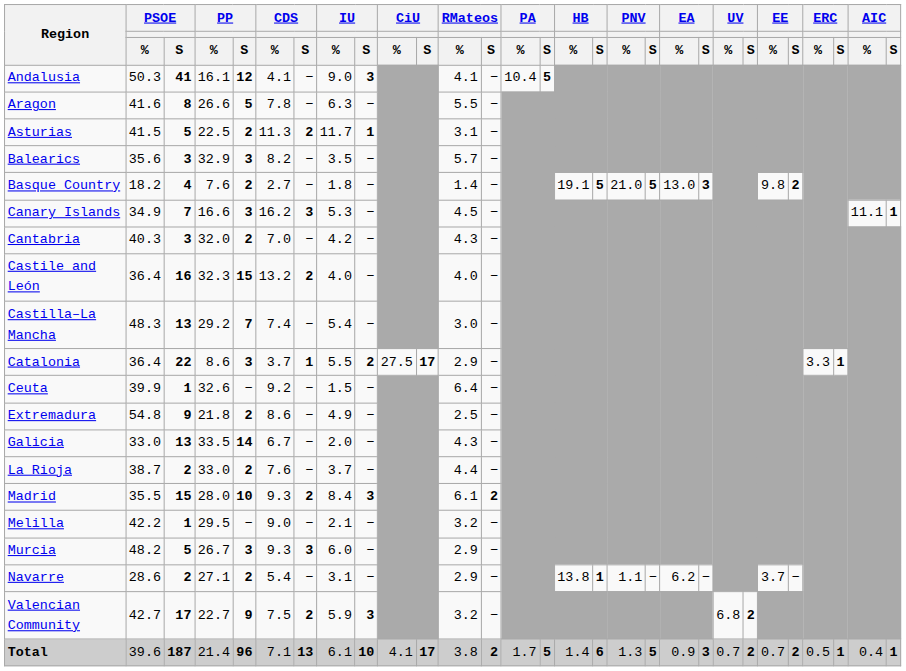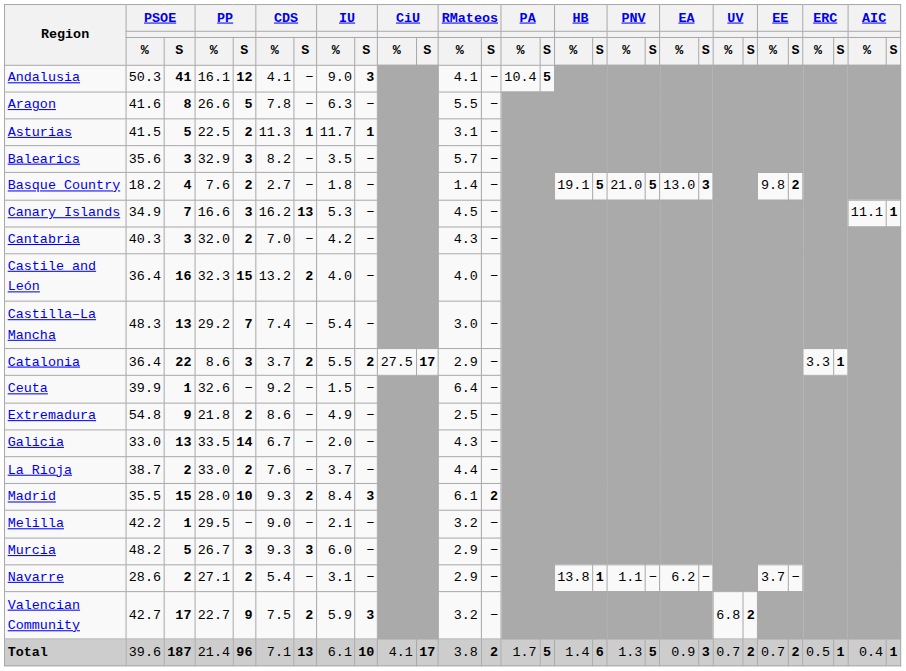 <table class="wikitable sortable" style="text-align:right; line-height:20px">
 <tr>
 <th rowspan="3">Region</th>
 <th colspan="2" width="30px" class="unsortable"><a href='#'>PSOE</a></th>
 <th colspan="2" width="30px" class="unsortable"><a href='#'>PP</a></th>
 <th colspan="2" width="30px" class="unsortable"><a href='#'>CDS</a></th>
 <th colspan="2" width="30px" class="unsortable"><a href='#'>IU</a></th>
 <th colspan="2" width="30px" class="unsortable"><a href='#'>CiU</a></th>
 <th colspan="2" width="30px" class="unsortable"><a href='#'>RMateos</a></th>
 <th colspan="2" width="30px" class="unsortable"><a href='#'>PA</a></th>
 <th colspan="2" width="30px" class="unsortable"><a href='#'>HB</a></th>
 <th colspan="2" width="30px" class="unsortable"><a href='#'>PNV</a></th>
 <th colspan="2" width="30px" class="unsortable"><a href='#'>EA</a></th>
 <th colspan="2" width="30px" class="unsortable"><a href='#'>UV</a></th>
 <th colspan="2" width="30px" class="unsortable"><a href='#'>EE</a></th>
 <th colspan="2" width="30px" class="unsortable"><a href='#'>ERC</a></th>
 <th colspan="2" width="30px" class="unsortable"><a href='#'>AIC</a></th>
 </tr>
 <tr>
 <th colspan="2" style="background:"></th>
 <th colspan="2" style="background:"></th>
 <th colspan="2" style="background:"></th>
 <th colspan="2" style="background:"></th>
 <th colspan="2" style="background:"></th>
 <th colspan="2" style="background:"></th>
 <th colspan="2" style="background:"></th>
 <th colspan="2" style="background:"></th>
 <th colspan="2" style="background:"></th>
 <th colspan="2" style="background:"></th>
 <th colspan="2" style="background:"></th>
 <th colspan="2" style="background:"></th>
 <th colspan="2" style="background:"></th>
 <th colspan="2" style="background:"></th>
 </tr>
 <tr>
 <th data-sort-type="number">%</th>
 <th data-sort-type="number">S</th>
 <th data-sort-type="number">%</th>
 <th data-sort-type="number">S</th>
 <th data-sort-type="number">%</th>
 <th data-sort-type="number">S</th>
 <th data-sort-type="number">%</th>
 <th data-sort-type="number">S</th>
 <th data-sort-type="number">%</th>
 <th data-sort-type="number">S</th>
 <th data-sort-type="number">%</th>
 <th data-sort-type="number">S</th>
 <th data-sort-type="number">%</th>
 <th data-sort-type="number">S</th>
 <th data-sort-type="number">%</th>
 <th data-sort-type="number">S</th>
 <th data-sort-type="number">%</th>
 <th data-sort-type="number">S</th>
 <th data-sort-type="number">%</th>
 <th data-sort-type="number">S</th>
 <th data-sort-type="number">%</th>
 <th data-sort-type="number">S</th>
 <th data-sort-type="number">%</th>
 <th data-sort-type="number">S</th>
 <th data-sort-type="number">%</th>
 <th data-sort-type="number">S</th>
 <th data-sort-type="number">%</th>
 <th data-sort-type="number">S</th>
 </tr>
 <tr>
 <td align="left"><a href='#'>Andalusia</a></td>
 <td style="background:">50.3</td>
 <td><strong>41</strong></td>
 <td>16.1</td>
 <td><strong>12</strong></td>
 <td>4.1</td>
 <td>−</td>
 <td>9.0</td>
 <td><strong>3</strong></td>
 <td colspan="2" rowspan="9" bgcolor="#AAAAAA"></td>
 <td>4.1</td>
 <td>−</td>
 <td>10.4</td>
 <td><strong>5</strong></td>
 <td colspan="2" rowspan="4" bgcolor="#AAAAAA"></td>
 <td colspan="2" rowspan="4" bgcolor="#AAAAAA"></td>
 <td colspan="2" rowspan="4" bgcolor="#AAAAAA"></td>
 <td colspan="2" rowspan="18" bgcolor="#AAAAAA"></td>
 <td colspan="2" rowspan="4" bgcolor="#AAAAAA"></td>
 <td colspan="2" rowspan="9" bgcolor="#AAAAAA"></td>
 <td colspan="2" rowspan="5" bgcolor="#AAAAAA"></td>
 </tr>
 <tr>
 <td align="left"><a href='#'>Aragon</a></td>
 <td style="background:">41.6</td>
 <td><strong>8</strong></td>
 <td>26.6</td>
 <td><strong>5</strong></td>
 <td>7.8</td>
 <td>−</td>
 <td>6.3</td>
 <td>−</td>
 <td>5.5</td>
 <td>−</td>
 <td colspan="2" rowspan="18" bgcolor="#AAAAAA"></td>
 </tr>
 <tr>
 <td align="left"><a href='#'>Asturias</a></td>
 <td style="background:">41.5</td>
 <td><strong>5</strong></td>
 <td>22.5</td>
 <td><strong>2</strong></td>
 <td>11.3</td>
-<td><strong>2</strong></td>
+<td><strong>1</strong></td>
 <td>11.7</td>
 <td><strong>1</strong></td>
 <td>3.1</td>
 <td>−</td>
 </tr>
 <tr>
 <td align="left"><a href='#'>Balearics</a></td>
 <td style="background:">35.6</td>
 <td><strong>3</strong></td>
 <td>32.9</td>
 <td><strong>3</strong></td>
 <td>8.2</td>
 <td>−</td>
 <td>3.5</td>
 <td>−</td>
 <td>5.7</td>
 <td>−</td>
 </tr>
 <tr>
 <td align="left"><a href='#'>Basque Country</a></td>
 <td>18.2</td>
 <td><strong>4</strong></td>
 <td>7.6</td>
 <td><strong>2</strong></td>
 <td>2.7</td>
 <td>−</td>
 <td>1.8</td>
 <td>−</td>
 <td>1.4</td>
 <td>−</td>
 <td>19.1</td>
 <td><strong>5</strong></td>
 <td style="background:">21.0</td>
 <td><strong>5</strong></td>
 <td>13.0</td>
 <td><strong>3</strong></td>
 <td>9.8</td>
 <td><strong>2</strong></td>
 </tr>
 <tr>
 <td align="left"><a href='#'>Canary Islands</a></td>
 <td style="background:">34.9</td>
 <td><strong>7</strong></td>
 <td>16.6</td>
 <td><strong>3</strong></td>
 <td>16.2</td>
-<td><strong>3</strong></td>
+<td><strong>13</strong></td>
 <td>5.3</td>
 <td>−</td>
 <td>4.5</td>
 <td>−</td>
 <td colspan="2" rowspan="12" bgcolor="#AAAAAA"></td>
 <td colspan="2" rowspan="12" bgcolor="#AAAAAA"></td>
 <td colspan="2" rowspan="12" bgcolor="#AAAAAA"></td>
 <td colspan="2" rowspan="12" bgcolor="#AAAAAA"></td>
 <td>11.1</td>
 <td><strong>1</strong></td>
 </tr>
 <tr>
 <td align="left"><a href='#'>Cantabria</a></td>
 <td style="background:">40.3</td>
 <td><strong>3</strong></td>
 <td>32.0</td>
 <td><strong>2</strong></td>
 <td>7.0</td>
 <td>−</td>
 <td>4.2</td>
 <td>−</td>
 <td>4.3</td>
 <td>−</td>
 <td colspan="2" rowspan="13" bgcolor="#AAAAAA"></td>
 </tr>
 <tr>
 <td align="left"><a href='#'>Castile and León</a></td>
 <td style="background:">36.4</td>
 <td><strong>16</strong></td>
 <td>32.3</td>
 <td><strong>15</strong></td>
 <td>13.2</td>
 <td><strong>2</strong></td>
 <td>4.0</td>
 <td>−</td>
 <td>4.0</td>
 <td>−</td>
 </tr>
 <tr>
 <td align="left"><a href='#'>Castilla–La Mancha</a></td>
 <td style="background:">48.3</td>
 <td><strong>13</strong></td>
 <td>29.2</td>
 <td><strong>7</strong></td>
 <td>7.4</td>
 <td>−</td>
 <td>5.4</td>
 <td>−</td>
 <td>3.0</td>
 <td>−</td>
 </tr>
 <tr>
 <td align="left"><a href='#'>Catalonia</a></td>
 <td style="background:">36.4</td>
 <td><strong>22</strong></td>
 <td>8.6</td>
 <td><strong>3</strong></td>
 <td>3.7</td>
-<td><strong>1</strong></td>
+<td><strong>2</strong></td>
 <td>5.5</td>
 <td><strong>2</strong></td>
 <td>27.5</td>
 <td><strong>17</strong></td>
 <td>2.9</td>
 <td>−</td>
 <td>3.3</td>
 <td><strong>1</strong></td>
 </tr>
 <tr>
 <td align="left"><a href='#'>Ceuta</a></td>
 <td style="background:">39.9</td>
 <td><strong>1</strong></td>
 <td>32.6</td>
 <td>−</td>
 <td>9.2</td>
 <td>−</td>
 <td>1.5</td>
 <td>−</td>
 <td colspan="2" rowspan="9" bgcolor="#AAAAAA"></td>
 <td>6.4</td>
 <td>−</td>
 <td colspan="2" rowspan="9" bgcolor="#AAAAAA"></td>
 </tr>
 <tr>
 <td align="left"><a href='#'>Extremadura</a></td>
 <td style="background:">54.8</td>
 <td><strong>9</strong></td>
 <td>21.8</td>
 <td><strong>2</strong></td>
 <td>8.6</td>
 <td>−</td>
 <td>4.9</td>
 <td>−</td>
 <td>2.5</td>
 <td>−</td>
 </tr>
 <tr>
 <td align="left"><a href='#'>Galicia</a></td>
 <td>33.0</td>
 <td><strong>13</strong></td>
 <td style="background:">33.5</td>
 <td><strong>14</strong></td>
 <td>6.7</td>
 <td>−</td>
 <td>2.0</td>
 <td>−</td>
 <td>4.3</td>
 <td>−</td>
 </tr>
 <tr>
 <td align="left"><a href='#'>La Rioja</a></td>
 <td style="background:">38.7</td>
 <td><strong>2</strong></td>
 <td>33.0</td>
 <td><strong>2</strong></td>
 <td>7.6</td>
 <td>−</td>
 <td>3.7</td>
 <td>−</td>
 <td>4.4</td>
 <td>−</td>
 </tr>
 <tr>
 <td align="left"><a href='#'>Madrid</a></td>
 <td style="background:">35.5</td>
 <td><strong>15</strong></td>
 <td>28.0</td>
 <td><strong>10</strong></td>
 <td>9.3</td>
 <td><strong>2</strong></td>
 <td>8.4</td>
 <td><strong>3</strong></td>
 <td>6.1</td>
 <td><strong>2</strong></td>
 </tr>
 <tr>
 <td align="left"><a href='#'>Melilla</a></td>
 <td style="background:">42.2</td>
 <td><strong>1</strong></td>
 <td>29.5</td>
 <td>−</td>
 <td>9.0</td>
 <td>−</td>
 <td>2.1</td>
 <td>−</td>
 <td>3.2</td>
 <td>−</td>
 </tr>
 <tr>
 <td align="left"><a href='#'>Murcia</a></td>
 <td style="background:">48.2</td>
 <td><strong>5</strong></td>
 <td>26.7</td>
 <td><strong>3</strong></td>
 <td>9.3</td>
 <td><strong>3</strong></td>
 <td>6.0</td>
 <td>−</td>
 <td>2.9</td>
 <td>−</td>
 </tr>
 <tr>
 <td align="left"><a href='#'>Navarre</a></td>
 <td style="background:">28.6</td>
 <td><strong>2</strong></td>
 <td>27.1</td>
 <td><strong>2</strong></td>
 <td>5.4</td>
 <td>−</td>
 <td>3.1</td>
 <td>−</td>
 <td>2.9</td>
 <td>−</td>
 <td>13.8</td>
 <td><strong>1</strong></td>
 <td>1.1</td>
 <td>−</td>
 <td>6.2</td>
 <td>−</td>
 <td>3.7</td>
 <td>−</td>
 </tr>
 <tr>
 <td align="left"><a href='#'>Valencian Community</a></td>
 <td style="background:">42.7</td>
 <td><strong>17</strong></td>
 <td>22.7</td>
 <td><strong>9</strong></td>
 <td>7.5</td>
 <td><strong>2</strong></td>
 <td>5.9</td>
 <td><strong>3</strong></td>
 <td>3.2</td>
 <td>−</td>
 <td colspan="2" bgcolor="#AAAAAA"></td>
 <td colspan="2" bgcolor="#AAAAAA"></td>
 <td colspan="2" bgcolor="#AAAAAA"></td>
 <td>6.8</td>
 <td><strong>2</strong></td>
 <td colspan="2" bgcolor="#AAAAAA"></td>
 </tr>
 <tr style="background:#CDCDCD;">
 <td align="left"><strong>Total</strong></td>
 <td style="background:">39.6</td>
 <td><strong>187</strong></td>
 <td>21.4</td>
 <td><strong>96</strong></td>
 <td>7.1</td>
 <td><strong>13</strong></td>
 <td>6.1</td>
 <td><strong>10</strong></td>
 <td>4.1</td>
 <td><strong>17</strong></td>
 <td>3.8</td>
 <td><strong>2</strong></td>
 <td>1.7</td>
 <td><strong>5</strong></td>
 <td>1.4</td>
 <td><strong>6</strong></td>
 <td>1.3</td>
 <td><strong>5</strong></td>
 <td>0.9</td>
 <td><strong>3</strong></td>
 <td>0.7</td>
 <td><strong>2</strong></td>
 <td>0.7</td>
 <td><strong>2</strong></td>
 <td>0.5</td>
 <td><strong>1</strong></td>
 <td>0.4</td>
 <td><strong>1</strong></td>
 </tr>
 </table>
